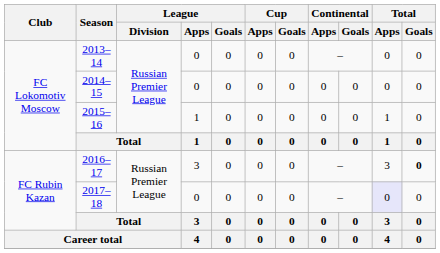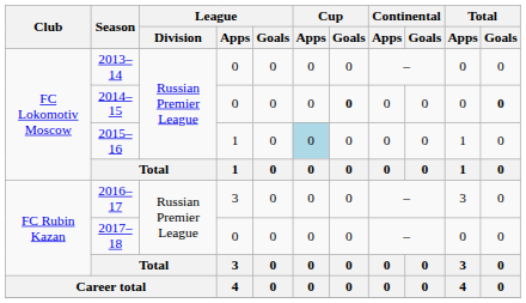 <table class="wikitable" style="text-align: center;">
 <tr>
 <th rowspan=2>Club</th>
 <th rowspan=2>Season</th>
 <th colspan=3>League</th>
 <th colspan=2>Cup</th>
 <th colspan=2>Continental</th>
 <th colspan=2>Total</th>
 </tr>
 <tr>
 <th>Division</th>
 <th>Apps</th>
 <th>Goals</th>
 <th>Apps</th>
 <th>Goals</th>
 <th>Apps</th>
 <th>Goals</th>
 <th>Apps</th>
 <th>Goals</th>
 </tr>
 <tr>
 <td rowspan=4><a href='#'>FC Lokomotiv Moscow</a></td>
 <td><a href='#'>2013–14</a></td>
 <td rowspan=3><a href='#'>Russian Premier League</a></td>
 <td>0</td>
 <td>0</td>
 <td>0</td>
 <td>0</td>
 <td colspan=2>–</td>
 <td>0</td>
 <td>0</td>
 </tr>
 <tr>
 <td><a href='#'>2014–15</a></td>
 <td>0</td>
 <td>0</td>
 <td>0</td>
+<td><strong>0</strong></td>
 <td>0</td>
 <td>0</td>
 <td>0</td>
-<td>0</td>
-<td>0</td>
+<td><strong>0</strong></td>
 </tr>
 <tr>
 <td><a href='#'>2015–16</a></td>
 <td>1</td>
 <td>0</td>
-<td>0</td>
+<td style="background: lightblue;">0</td>
 <td>0</td>
 <td>0</td>
 <td>0</td>
 <td>1</td>
 <td>0</td>
 </tr>
 <tr>
 <th colspan=2>Total</th>
 <th>1</th>
 <th>0</th>
 <th>0</th>
 <th>0</th>
 <th>0</th>
 <th>0</th>
 <th>1</th>
 <th>0</th>
 </tr>
 <tr>
 <td rowspan=3><a href='#'>FC Rubin Kazan</a></td>
 <td><a href='#'>2016–17</a></td>
 <td rowspan=2>Russian Premier League</td>
 <td>3</td>
 <td>0</td>
 <td>0</td>
 <td>0</td>
 <td colspan=2>–</td>
 <td>3</td>
-<td><strong>0</strong></td>
+<td>0</td>
 </tr>
 <tr>
 <td><a href='#'>2017–18</a></td>
 <td>0</td>
 <td>0</td>
 <td>0</td>
 <td>0</td>
 <td colspan=2>–</td>
-<td style="background: lavender;">0</td>
+<td>0</td>
 <td>0</td>
 </tr>
 <tr>
 <th colspan=2>Total</th>
 <th>3</th>
 <th>0</th>
 <th>0</th>
 <th>0</th>
 <th>0</th>
 <th>0</th>
 <th>3</th>
 <th>0</th>
 </tr>
 <tr>
 <th colspan=3>Career total</th>
 <th>4</th>
 <th>0</th>
 <th>0</th>
 <th>0</th>
 <th>0</th>
 <th>0</th>
 <th>4</th>
 <th>0</th>
 </tr>
 <tr>
 </tr>
 </table>
